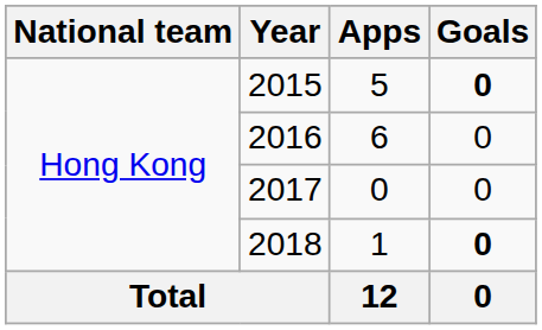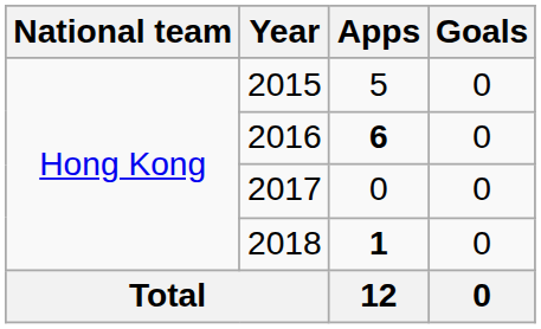 <table class="wikitable" style="text-align:center">
 <tr>
 <th>National team</th>
 <th>Year</th>
 <th>Apps</th>
 <th>Goals</th>
 </tr>
 <tr>
 <td rowspan="4"><a href='#'>Hong Kong</a></td>
 <td>2015</td>
 <td>5</td>
-<td><strong>0</strong></td>
+<td>0</td>
 </tr>
 <tr>
 <td>2016</td>
-<td>6</td>
+<td><strong>6</strong></td>
 <td>0</td>
 </tr>
 <tr>
 <td>2017</td>
 <td>0</td>
 <td>0</td>
 </tr>
 <tr>
 <td>2018</td>
-<td>1</td>
-<td><strong>0</strong></td>
+<td><strong>1</strong></td>
+<td>0</td>
 </tr>
 <tr>
 <th colspan=2>Total</th>
 <th>12</th>
 <th>0</th>
 </tr>
 </table>
